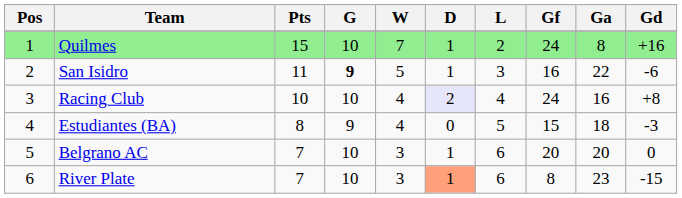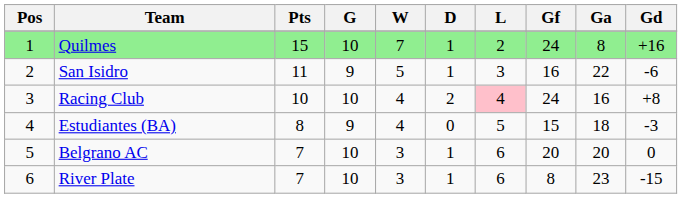 <table class="wikitable" style="text-align:center">
 <tr>
 <th width=40px>Pos</th>
 <th width=200px>Team</th>
 <th width=40px>Pts</th>
 <th width=40px>G</th>
 <th width=40px>W</th>
 <th width=40px>D</th>
 <th width=40px>L</th>
 <th width=40px>Gf</th>
 <th width=40px>Ga</th>
 <th width=40px>Gd</th>
 </tr>
 <tr bgcolor="lightgreen">
 </tr>
 <tr align=center bgcolor="lightgreen">
 <td>1</td>
 <td align=left><a href='#'>Quilmes</a></td>
 <td>15</td>
 <td>10</td>
 <td>7</td>
 <td>1</td>
 <td>2</td>
 <td>24</td>
 <td>8</td>
 <td>+16</td>
 </tr>
 <tr align=center>
 <td>2</td>
 <td align=left><a href='#'>San Isidro</a></td>
 <td>11</td>
-<td><strong>9</strong></td>
+<td>9</td>
 <td>5</td>
 <td>1</td>
 <td>3</td>
 <td>16</td>
 <td>22</td>
 <td>-6</td>
 </tr>
 <tr align=center>
 <td>3</td>
 <td align=left><a href='#'>Racing Club</a></td>
 <td>10</td>
 <td>10</td>
 <td>4</td>
-<td style="background: lavender;">2</td>
-<td>4</td>
+<td>2</td>
+<td style="background: pink;">4</td>
 <td>24</td>
 <td>16</td>
 <td>+8</td>
 </tr>
 <tr align=center>
 <td>4</td>
 <td align=left><a href='#'>Estudiantes (BA)</a></td>
 <td>8</td>
 <td>9</td>
 <td>4</td>
 <td>0</td>
 <td>5</td>
 <td>15</td>
 <td>18</td>
 <td>-3</td>
 </tr>
 <tr align=center>
 <td>5</td>
 <td align=left><a href='#'>Belgrano AC</a></td>
 <td>7</td>
 <td>10</td>
 <td>3</td>
 <td>1</td>
 <td>6</td>
 <td>20</td>
 <td>20</td>
 <td>0</td>
 </tr>
 <tr align=center>
 <td>6</td>
 <td align=left><a href='#'>River Plate</a></td>
 <td>7</td>
 <td>10</td>
 <td>3</td>
-<td style="background: lightsalmon;">1</td>
+<td>1</td>
 <td>6</td>
 <td>8</td>
 <td>23</td>
 <td>-15</td>
 </tr>
 </table>
